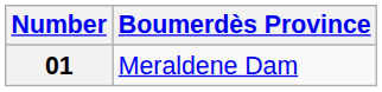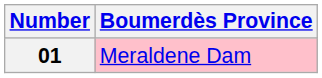 <table class="wikitable sortable">
 <tr>
 <th><a href='#'>Number</a></th>
 <th><a href='#'>Boumerdès Province</a></th>
 </tr>
 <tr>
 <th>01</th>
-<td><a href='#'>Meraldene Dam</a></td>
+<td style="background: pink;"><a href='#'>Meraldene Dam</a></td>
 </tr>
 </table>
